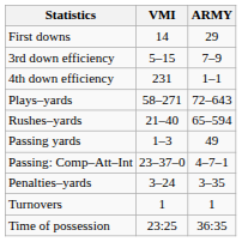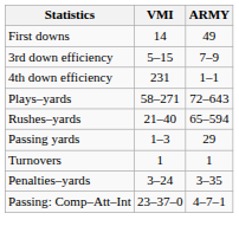 <table class="wikitable">
 <tr>
 <th>Statistics</th>
 <th>VMI</th>
 <th>ARMY</th>
 </tr>
 <tr>
 <td>First downs</td>
 <td align=center>14</td>
-<td align=center>29</td>
+<td align=center>49</td>
 </tr>
 <tr>
 <td>3rd down efficiency</td>
 <td align=center>5–15</td>
 <td align=center>7–9</td>
 </tr>
 <tr>
 <td>4th down efficiency</td>
 <td align=center>231</td>
 <td align=center>1–1</td>
 </tr>
 <tr>
 <td>Plays–yards</td>
 <td align=center>58–271</td>
 <td align=center>72–643</td>
 </tr>
 <tr>
 <td>Rushes–yards</td>
 <td align=center>21–40</td>
 <td align=center>65–594</td>
 </tr>
 <tr>
 <td>Passing yards</td>
 <td align=center>1–3</td>
-<td align=center>49</td>
+<td align=center>29</td>
 </tr>
 <tr>
-<td>Passing: Comp–Att–Int</td>
-<td align=center>23–37–0</td>
-<td align=center>4–7–1</td>
+<td>Turnovers</td>
+<td align=center>1</td>
+<td align=center>1</td>
 </tr>
 <tr>
 <td>Penalties–yards</td>
 <td align=center>3–24</td>
 <td align=center>3–35</td>
 </tr>
 <tr>
-<td>Turnovers</td>
-<td align=center>1</td>
-<td align=center>1</td>
-</tr>
-<tr>
-<td>Time of possession</td>
-<td align=center>23:25</td>
-<td align=center>36:35</td>
+<td>Passing: Comp–Att–Int</td>
+<td align=center>23–37–0</td>
+<td align=center>4–7–1</td>
 </tr>
 </table>
